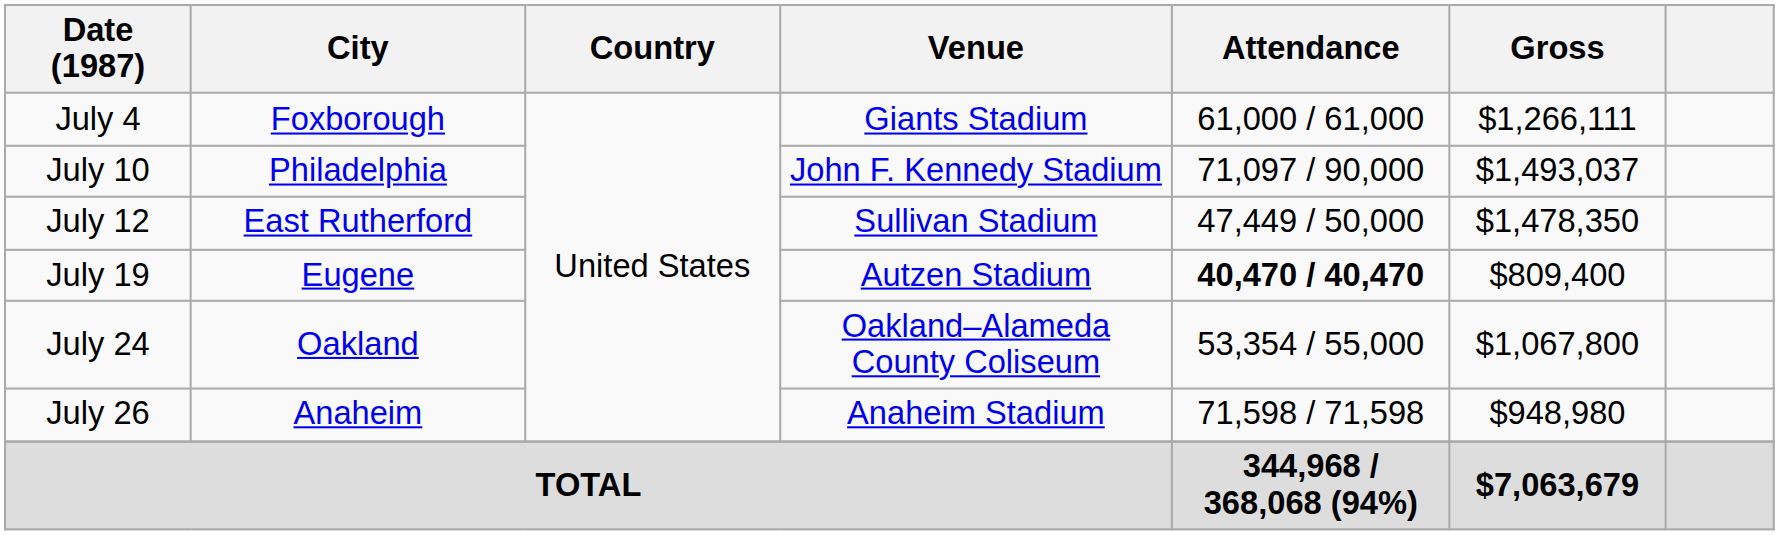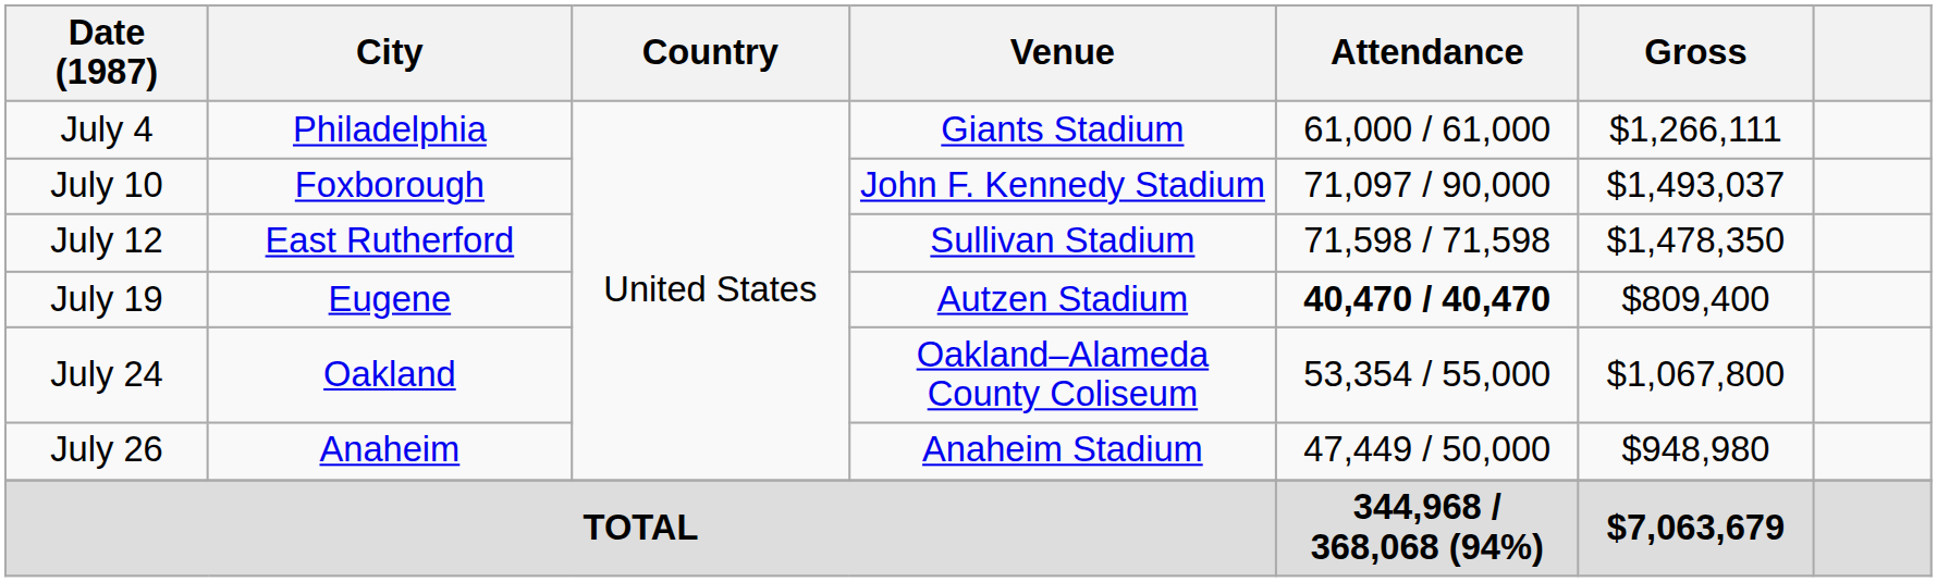 <table class="wikitable plainrowheaders" style="text-align:center;">
 <tr>
 <th scope="col" style="width:7em;">Date<br>(1987)</th>
 <th scope="col" style="width:13em;">City</th>
 <th scope="col" style="width:10em;">Country</th>
 <th scope="col" style="width:17em;">Venue</th>
 <th scope="col" style="width:10em;">Attendance</th>
 <th scope="col" style="width:7em;">Gross</th>
 <th scope="col" style="width:5em;" class="unsortable"></th>
 </tr>
 <tr>
 <td>July 4</td>
-<td><a href='#'>Foxborough</a></td>
+<td><a href='#'>Philadelphia</a></td>
 <td rowspan="6">United States</td>
 <td><a href='#'>Giants Stadium</a></td>
 <td>61,000 / 61,000</td>
 <td>$1,266,111</td>
 <td></td>
 </tr>
 <tr>
 <td>July 10</td>
-<td><a href='#'>Philadelphia</a></td>
+<td><a href='#'>Foxborough</a></td>
 <td><a href='#'>John F. Kennedy Stadium</a></td>
 <td>71,097 / 90,000</td>
 <td>$1,493,037</td>
 <td></td>
 </tr>
 <tr>
 <td>July 12</td>
 <td><a href='#'>East Rutherford</a></td>
 <td><a href='#'>Sullivan Stadium</a></td>
-<td>47,449 / 50,000</td>
+<td>71,598 / 71,598</td>
 <td>$1,478,350</td>
 <td></td>
 </tr>
 <tr>
 <td>July 19</td>
 <td><a href='#'>Eugene</a></td>
 <td><a href='#'>Autzen Stadium</a></td>
 <td><strong>40,470 / 40,470</strong></td>
 <td>$809,400</td>
 <td></td>
 </tr>
 <tr>
 <td>July 24</td>
 <td><a href='#'>Oakland</a></td>
 <td><a href='#'>Oakland–Alameda County Coliseum</a></td>
 <td>53,354 / 55,000</td>
 <td>$1,067,800</td>
 <td></td>
 </tr>
 <tr>
 <td>July 26</td>
 <td><a href='#'>Anaheim</a></td>
 <td><a href='#'>Anaheim Stadium</a></td>
-<td>71,598 / 71,598</td>
+<td>47,449 / 50,000</td>
 <td>$948,980</td>
 <td></td>
 </tr>
 <tr>
 </tr>
 <tr style="background:#ddd;">
 <td colspan="4"><strong>TOTAL</strong></td>
 <td><strong>344,968 / 368,068 (94%)</strong></td>
 <td><strong>$7,063,679</strong></td>
 <td></td>
 </tr>
 </table>
